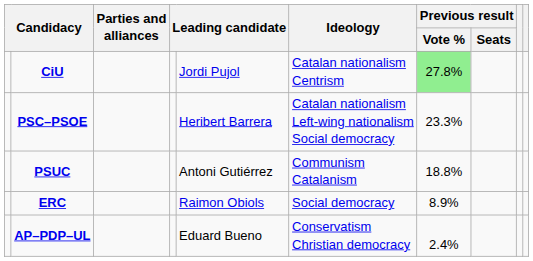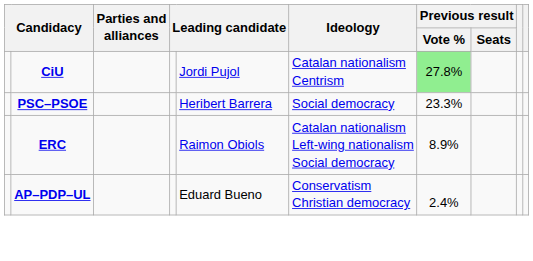 <table class="wikitable" style="line-height:1.35em; text-align:left;">
 <tr>
 <th colspan="2" rowspan="2">Candidacy</th>
 <th rowspan="2">Parties and<br>alliances</th>
 <th colspan="2" rowspan="2">Leading candidate</th>
 <th rowspan="2">Ideology</th>
 <th colspan="2">Previous result</th>
 <th rowspan="2"></th>
 <th rowspan="2"></th>
 </tr>
 <tr>
 <th>Vote %</th>
 <th>Seats</th>
 </tr>
 <tr>
 <td width="1" style="color:inherit;background:"></td>
 <td align="center"><strong><a href='#'>CiU</a></strong></td>
 <td></td>
 <td></td>
 <td><a href='#'>Jordi Pujol</a></td>
 <td><a href='#'>Catalan nationalism</a><br><a href='#'>Centrism</a></td>
 <td align="center" style="background: lightgreen;">27.8%</td>
 <td></td>
 <td></td>
 <td></td>
 </tr>
 <tr>
 <td style="color:inherit;background:"></td>
 <td align="center"><strong><a href='#'>PSC–PSOE</a></strong></td>
 <td></td>
 <td></td>
 <td><a href='#'>Heribert Barrera</a></td>
-<td><a href='#'>Catalan nationalism</a><br><a href='#'>Left-wing nationalism</a><br><a href='#'>Social democracy</a></td>
+<td><a href='#'>Social democracy</a></td>
 <td align="center">23.3%</td>
-<td></td>
-<td></td>
-<td></td>
-</tr>
-<tr>
-<td style="color:inherit;background:"></td>
-<td align="center"><strong><a href='#'>PSUC</a></strong></td>
-<td></td>
-<td></td>
-<td>Antoni Gutiérrez</td>
-<td><a href='#'>Communism</a><br><a href='#'>Catalanism</a></td>
-<td align="center">18.8%</td>
 <td></td>
 <td></td>
 <td></td>
 </tr>
 <tr>
 <td style="color:inherit;background:"></td>
 <td align="center"><strong><a href='#'>ERC</a></strong></td>
 <td></td>
 <td></td>
 <td><a href='#'>Raimon Obiols</a></td>
-<td><a href='#'>Social democracy</a></td>
+<td><a href='#'>Catalan nationalism</a><br><a href='#'>Left-wing nationalism</a><br><a href='#'>Social democracy</a></td>
 <td align="center">8.9%</td>
 <td></td>
 <td></td>
 <td></td>
 </tr>
 <tr>
 <td style="color:inherit;background:"></td>
 <td align="center"><strong><a href='#'>AP–PDP–UL</a></strong></td>
 <td></td>
 <td></td>
 <td>Eduard Bueno</td>
 <td><a href='#'>Conservatism</a><br><a href='#'>Christian democracy</a></td>
 <td align="center"><br>2.4%<br></td>
 <td></td>
 <td></td>
 <td></td>
 </tr>
 </table>
